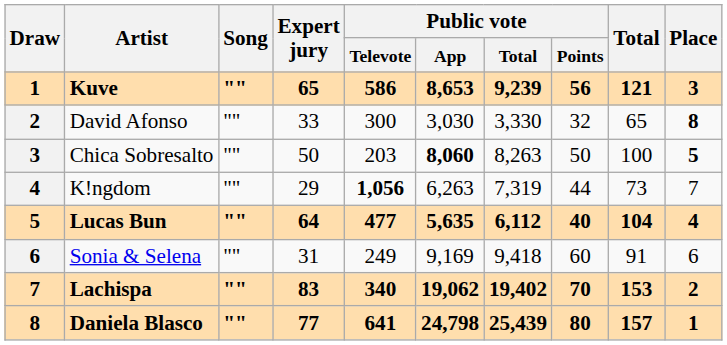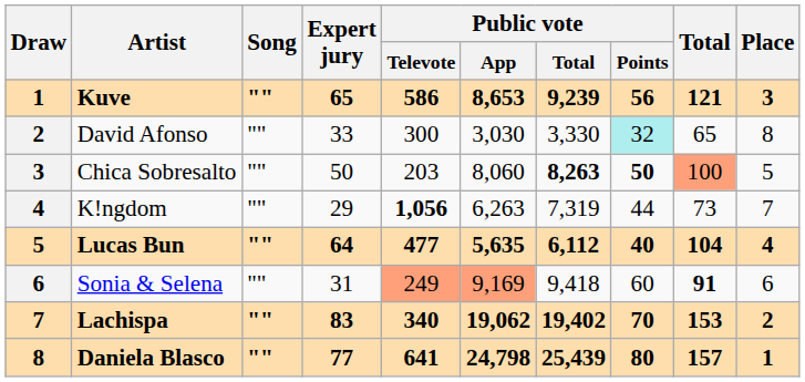 <table class="sortable wikitable plainrowheaders" style="margin: 1em auto 1em auto; text-align:center;">
 <tr>
 <th rowspan="2">Draw</th>
 <th rowspan="2">Artist</th>
 <th rowspan="2">Song</th>
 <th rowspan="2">Expert<br>jury</th>
 <th colspan="4">Public vote</th>
 <th rowspan="2">Total</th>
 <th rowspan="2">Place</th>
 </tr>
 <tr>
 <th><small>Televote</small></th>
 <th><small>App</small></th>
 <th><small>Total</small></th>
 <th><small>Points</small></th>
 </tr>
 <tr style="font-weight:bold; background:navajowhite;">
 <th scope="row" style="text-align:center; font-weight:bold; background:navajowhite;">1</th>
 <td align="left">Kuve</td>
 <td align="left">""</td>
 <td>65</td>
 <td>586</td>
 <td>8,653</td>
 <td>9,239</td>
 <td>56</td>
 <td>121</td>
 <td>3</td>
 </tr>
 <tr>
 <th scope="row" style="text-align:center;">2</th>
 <td align="left">David Afonso</td>
 <td align="left">""</td>
 <td>33</td>
 <td>300</td>
 <td>3,030</td>
 <td>3,330</td>
-<td>32</td>
+<td style="background: paleturquoise;">32</td>
 <td>65</td>
-<td><strong>8</strong></td>
+<td>8</td>
 </tr>
 <tr>
 <th scope="row" style="text-align:center;">3</th>
 <td align="left">Chica Sobresalto</td>
 <td align="left">""</td>
 <td>50</td>
 <td>203</td>
-<td><strong>8,060</strong></td>
-<td>8,263</td>
-<td>50</td>
-<td>100</td>
-<td><strong>5</strong></td>
+<td>8,060</td>
+<td><strong>8,263</strong></td>
+<td><strong>50</strong></td>
+<td style="background: lightsalmon;">100</td>
+<td>5</td>
 </tr>
 <tr>
 <th scope="row" style="text-align:center;">4</th>
 <td align="left">K!ngdom</td>
 <td align="left">""</td>
 <td>29</td>
 <td><strong>1,056</strong></td>
 <td>6,263</td>
 <td>7,319</td>
 <td>44</td>
 <td>73</td>
 <td>7</td>
 </tr>
 <tr style="font-weight:bold; background:navajowhite;">
 <th scope="row" style="text-align:center; font-weight:bold; background:navajowhite;">5</th>
 <td align="left">Lucas Bun</td>
 <td align="left">""</td>
 <td>64</td>
 <td>477</td>
 <td>5,635</td>
 <td>6,112</td>
 <td>40</td>
 <td>104</td>
 <td>4</td>
 </tr>
 <tr>
 <th scope="row" style="text-align:center;">6</th>
 <td align="left"><a href='#'>Sonia & Selena</a></td>
 <td align="left">""</td>
 <td>31</td>
-<td>249</td>
-<td>9,169</td>
+<td style="background: lightsalmon;">249</td>
+<td style="background: lightsalmon;">9,169</td>
 <td>9,418</td>
 <td>60</td>
-<td>91</td>
+<td><strong>91</strong></td>
 <td>6</td>
 </tr>
 <tr style="font-weight:bold; background:navajowhite;">
 <th scope="row" style="text-align:center; font-weight:bold; background:navajowhite;">7</th>
 <td align="left">Lachispa</td>
 <td align="left">""</td>
 <td>83</td>
 <td>340</td>
 <td>19,062</td>
 <td>19,402</td>
 <td>70</td>
 <td>153</td>
 <td>2</td>
 </tr>
 <tr style="font-weight:bold; background:navajowhite;">
 <th scope="row" style="text-align:center; font-weight:bold; background:navajowhite;">8</th>
 <td align="left">Daniela Blasco</td>
 <td align="left">""</td>
 <td>77</td>
 <td>641</td>
 <td>24,798</td>
 <td>25,439</td>
 <td>80</td>
 <td>157</td>
 <td>1</td>
 </tr>
 </table>
